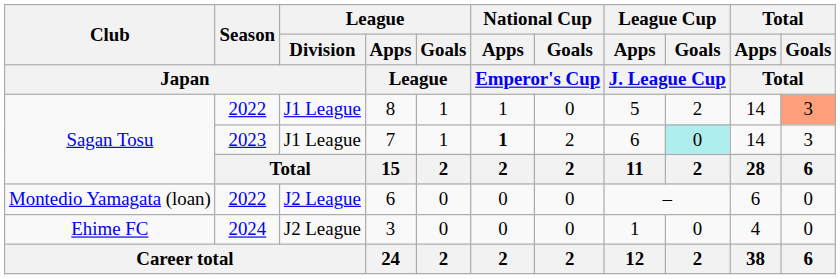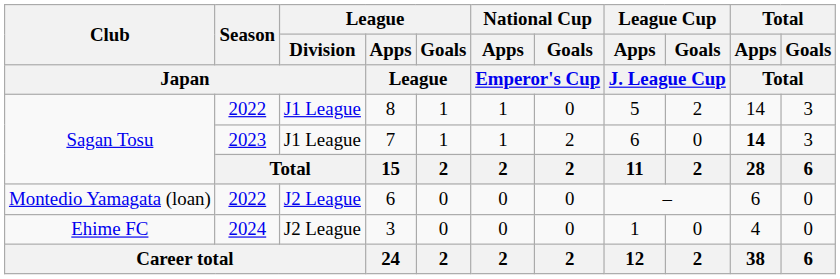 <table class="wikitable" style="text-align:center">
 <tr>
 <th rowspan=2>Club</th>
 <th rowspan=2>Season</th>
 <th colspan=3>League</th>
 <th colspan=2>National Cup</th>
 <th colspan=2>League Cup</th>
 <th colspan=2>Total</th>
 </tr>
 <tr>
 <th>Division</th>
 <th>Apps</th>
 <th>Goals</th>
 <th>Apps</th>
 <th>Goals</th>
 <th>Apps</th>
 <th>Goals</th>
 <th>Apps</th>
 <th>Goals</th>
 </tr>
 <tr>
 <th colspan=3>Japan</th>
 <th colspan=2>League</th>
 <th colspan=2><a href='#'>Emperor's Cup</a></th>
 <th colspan=2><a href='#'>J. League Cup</a></th>
 <th colspan=2>Total</th>
 </tr>
 <tr>
 <td rowspan="3"><a href='#'>Sagan Tosu</a></td>
 <td><a href='#'>2022</a></td>
 <td><a href='#'>J1 League</a></td>
 <td>8</td>
 <td>1</td>
 <td>1</td>
 <td>0</td>
 <td>5</td>
 <td>2</td>
 <td>14</td>
-<td style="background: lightsalmon;">3</td>
+<td>3</td>
 </tr>
 <tr>
 <td><a href='#'>2023</a></td>
 <td>J1 League</td>
 <td>7</td>
 <td>1</td>
-<td><strong>1</strong></td>
+<td>1</td>
 <td>2</td>
 <td>6</td>
-<td style="background: paleturquoise;">0</td>
-<td>14</td>
+<td>0</td>
+<td><strong>14</strong></td>
 <td>3</td>
 </tr>
 <tr>
 <th colspan="2">Total</th>
 <th>15</th>
 <th>2</th>
 <th>2</th>
 <th>2</th>
 <th>11</th>
 <th>2</th>
 <th>28</th>
 <th>6</th>
 </tr>
 <tr>
 <td><a href='#'>Montedio Yamagata</a> (loan)</td>
 <td><a href='#'>2022</a></td>
 <td><a href='#'>J2 League</a></td>
 <td>6</td>
 <td>0</td>
 <td>0</td>
 <td>0</td>
 <td colspan="2">–</td>
 <td>6</td>
 <td>0</td>
 </tr>
 <tr>
 <td><a href='#'>Ehime FC</a></td>
 <td><a href='#'>2024</a></td>
 <td>J2 League</td>
 <td>3</td>
 <td>0</td>
 <td>0</td>
 <td>0</td>
 <td>1</td>
 <td>0</td>
 <td>4</td>
 <td>0</td>
 </tr>
 <tr>
 <th colspan=3>Career total</th>
 <th>24</th>
 <th>2</th>
 <th>2</th>
 <th>2</th>
 <th>12</th>
 <th>2</th>
 <th>38</th>
 <th>6</th>
 </tr>
 </table>
